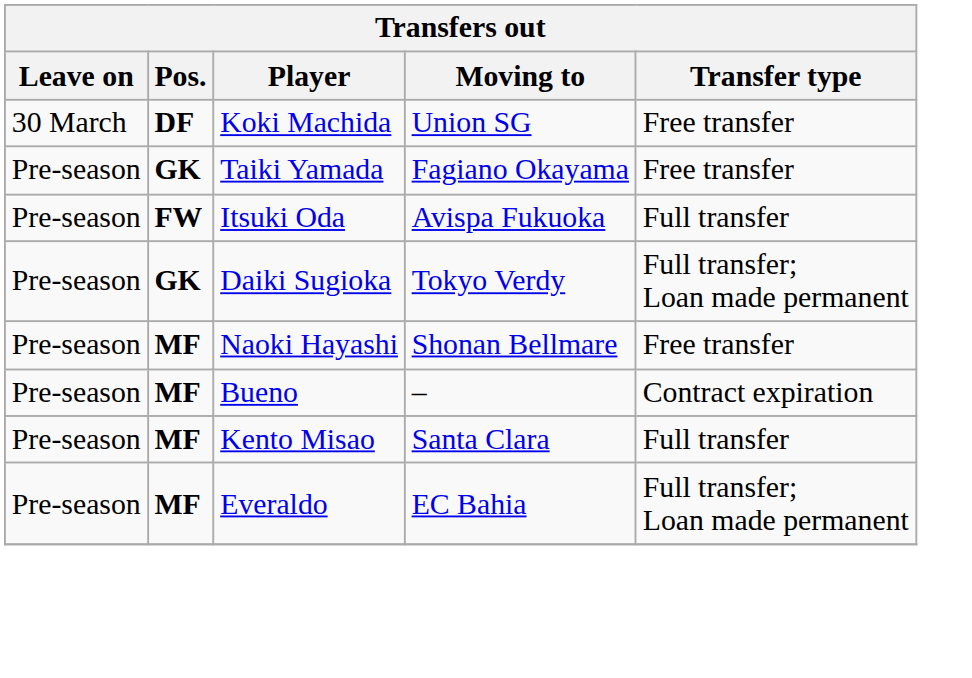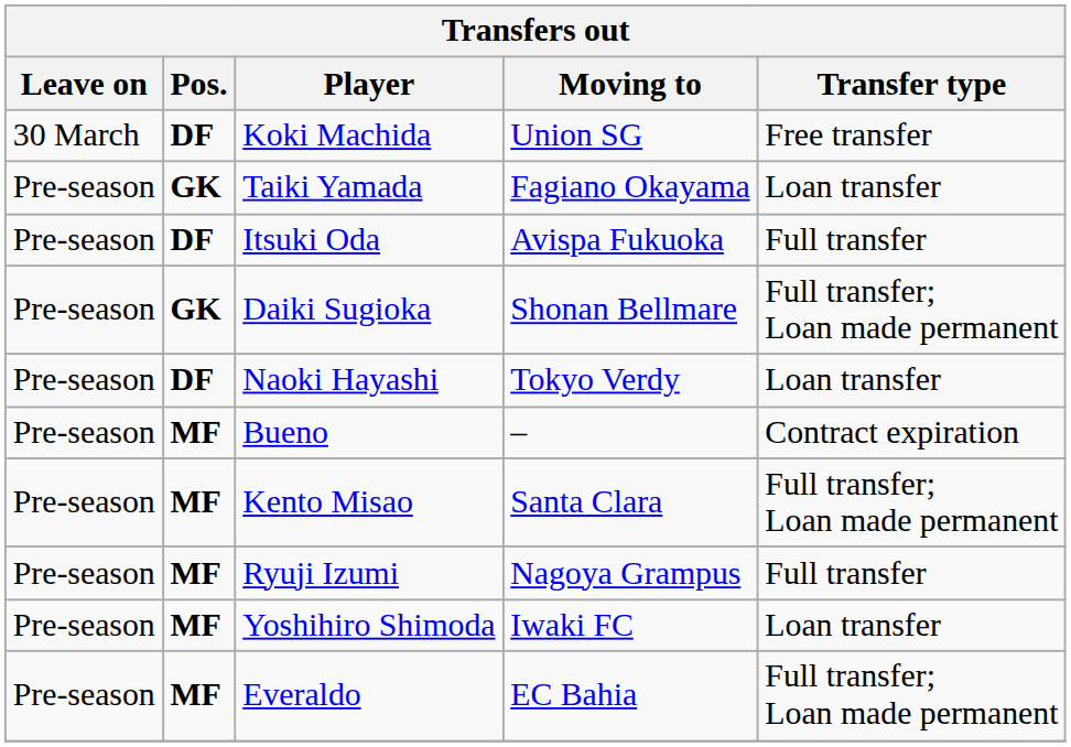 <table class="wikitable sortable" style=“text-align:left;>
 <tr>
 <th colspan="5">Transfers out</th>
 </tr>
 <tr>
 <th>Leave on</th>
 <th>Pos.</th>
 <th>Player</th>
 <th>Moving to</th>
 <th>Transfer type</th>
 </tr>
 <tr>
 <td>30 March</td>
 <td><strong>DF</strong></td>
 <td> <a href='#'>Koki Machida</a></td>
 <td> <a href='#'>Union SG</a></td>
 <td>Free transfer</td>
 </tr>
 <tr>
 <td>Pre-season</td>
 <td><strong>GK</strong></td>
 <td> <a href='#'>Taiki Yamada</a></td>
 <td> <a href='#'>Fagiano Okayama</a></td>
-<td>Free transfer</td>
+<td>Loan transfer</td>
 </tr>
 <tr>
 <td>Pre-season</td>
-<td><strong>FW</strong></td>
+<td><strong>DF</strong></td>
 <td> <a href='#'>Itsuki Oda</a></td>
 <td> <a href='#'>Avispa Fukuoka</a></td>
 <td>Full transfer</td>
 </tr>
 <tr>
 <td>Pre-season</td>
 <td><strong>GK</strong></td>
 <td> <a href='#'>Daiki Sugioka</a></td>
-<td> <a href='#'>Tokyo Verdy</a></td>
+<td> <a href='#'>Shonan Bellmare</a></td>
 <td>Full transfer;<br> Loan made permanent</td>
 </tr>
 <tr>
 <td>Pre-season</td>
-<td><strong>MF</strong></td>
+<td><strong>DF</strong></td>
 <td> <a href='#'>Naoki Hayashi</a></td>
-<td> <a href='#'>Shonan Bellmare</a></td>
-<td>Free transfer</td>
+<td> <a href='#'>Tokyo Verdy</a></td>
+<td>Loan transfer</td>
 </tr>
 <tr>
 <td>Pre-season</td>
 <td><strong>MF</strong></td>
 <td> <a href='#'>Bueno</a></td>
 <td>–</td>
 <td>Contract expiration</td>
 </tr>
 <tr>
 <td>Pre-season</td>
 <td><strong>MF</strong></td>
 <td> <a href='#'>Kento Misao</a></td>
 <td> <a href='#'>Santa Clara</a></td>
+<td>Full transfer;<br> Loan made permanent</td>
+</tr>
+<tr>
+<td>Pre-season</td>
+<td><strong>MF</strong></td>
+<td> <a href='#'>Ryuji Izumi</a></td>
+<td> <a href='#'>Nagoya Grampus</a></td>
 <td>Full transfer</td>
+</tr>
+<tr>
+<td>Pre-season</td>
+<td><strong>MF</strong></td>
+<td> <a href='#'>Yoshihiro Shimoda</a></td>
+<td> <a href='#'>Iwaki FC</a></td>
+<td>Loan transfer</td>
 </tr>
 <tr>
 <td>Pre-season</td>
 <td><strong>MF</strong></td>
 <td> <a href='#'>Everaldo</a></td>
 <td> <a href='#'>EC Bahia</a></td>
 <td>Full transfer;<br> Loan made permanent</td>
 </tr>
 <tr>
 </tr>
 </table>
